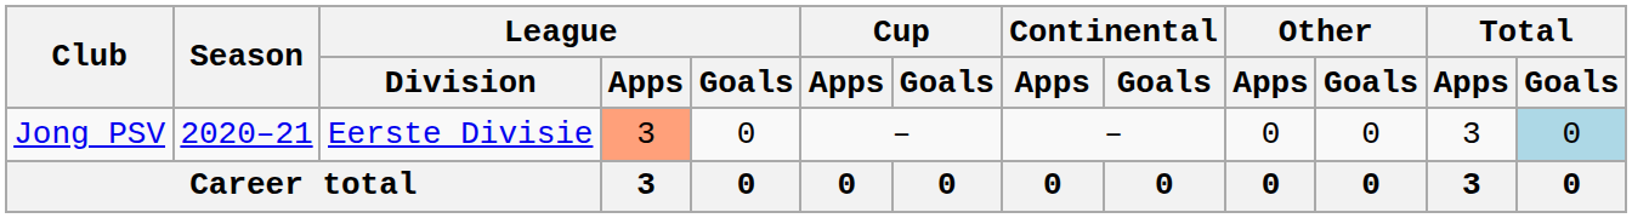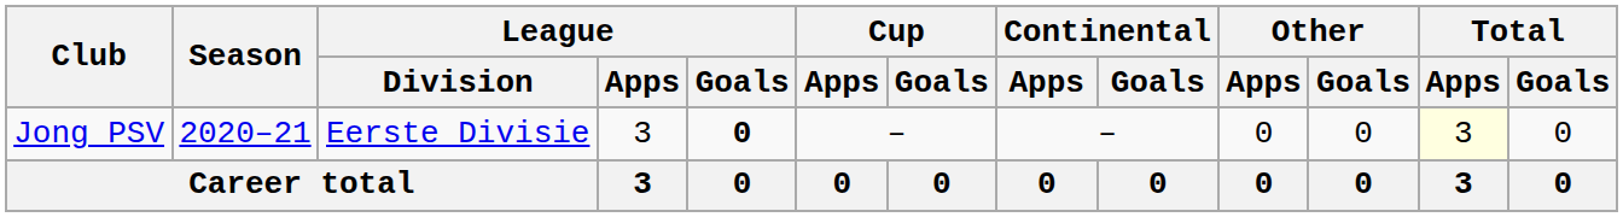 <table class="wikitable" style="text-align: center">
 <tr>
 <th rowspan="2">Club</th>
 <th rowspan="2">Season</th>
 <th colspan="3">League</th>
 <th colspan="2">Cup</th>
 <th colspan="2">Continental</th>
 <th colspan="2">Other</th>
 <th colspan="2">Total</th>
 </tr>
 <tr>
 <th>Division</th>
 <th>Apps</th>
 <th>Goals</th>
 <th>Apps</th>
 <th>Goals</th>
 <th>Apps</th>
 <th>Goals</th>
 <th>Apps</th>
 <th>Goals</th>
 <th>Apps</th>
 <th>Goals</th>
 </tr>
 <tr>
 <td><a href='#'>Jong PSV</a></td>
 <td><a href='#'>2020–21</a></td>
 <td><a href='#'>Eerste Divisie</a></td>
-<td style="background: lightsalmon;">3</td>
-<td>0</td>
+<td>3</td>
+<td><strong>0</strong></td>
 <td colspan="2">–</td>
 <td colspan="2">–</td>
 <td>0</td>
 <td>0</td>
-<td>3</td>
-<td style="background: lightblue;">0</td>
+<td style="background: lightyellow;">3</td>
+<td>0</td>
 </tr>
 <tr>
 <th colspan="3"><strong>Career total</strong></th>
 <th>3</th>
 <th>0</th>
 <th>0</th>
 <th>0</th>
 <th>0</th>
 <th>0</th>
 <th>0</th>
 <th>0</th>
 <th>3</th>
 <th>0</th>
 </tr>
 </table>
